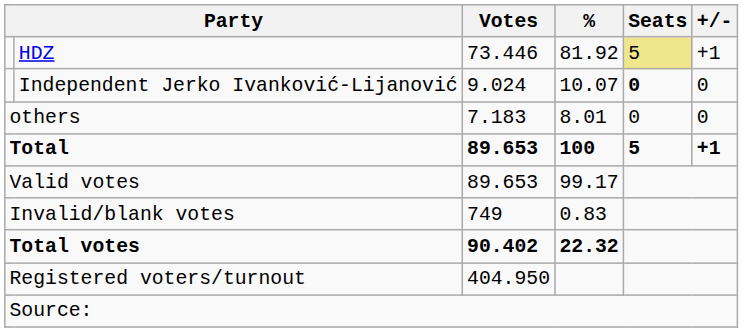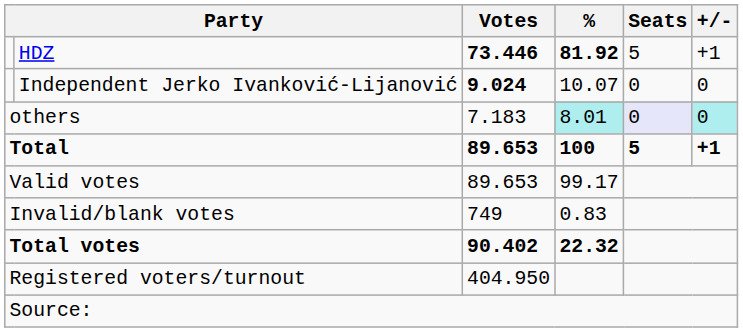 <table class="wikitable" style="text-align: left;">
 <tr>
 <th colspan="2">Party</th>
 <th>Votes</th>
 <th>%</th>
 <th>Seats</th>
 <th>+/-</th>
 </tr>
 <tr>
 <td style="background-color: "></td>
 <td><a href='#'>HDZ</a></td>
-<td>73.446</td>
-<td>81.92</td>
-<td style="background: khaki;">5</td>
+<td><strong>73.446</strong></td>
+<td><strong>81.92</strong></td>
+<td>5</td>
 <td>+1</td>
 </tr>
 <tr>
 <td style="background-color: "></td>
 <td>Independent Jerko Ivanković-Lijanović</td>
-<td>9.024</td>
+<td><strong>9.024</strong></td>
 <td>10.07</td>
-<td><strong>0</strong></td>
+<td>0</td>
 <td>0</td>
 </tr>
 <tr>
 <td colspan="2">others</td>
 <td>7.183</td>
-<td>8.01</td>
-<td>0</td>
-<td>0</td>
+<td style="background: paleturquoise;">8.01</td>
+<td style="background: lavender;">0</td>
+<td style="background: paleturquoise;">0</td>
 </tr>
 <tr>
 <td colspan="2"><strong>Total</strong></td>
 <td><strong>89.653</strong></td>
 <td><strong>100</strong></td>
 <td><strong>5</strong></td>
 <td><strong>+1</strong></td>
 </tr>
 <tr>
 <td colspan="2">Valid votes</td>
 <td>89.653</td>
 <td>99.17</td>
 <td colspan="2"></td>
 </tr>
 <tr>
 <td colspan="2">Invalid/blank votes</td>
 <td>749</td>
 <td>0.83</td>
 <td colspan="2"></td>
 </tr>
 <tr>
 <td colspan="2"><strong>Total votes</strong></td>
 <td><strong>90.402</strong></td>
 <td><strong>22.32</strong></td>
 <td colspan="2"></td>
 </tr>
 <tr>
 <td colspan="2">Registered voters/turnout</td>
 <td votes14="5343">404.950</td>
 <td></td>
 <td colspan="2"></td>
 </tr>
 <tr>
 <td colspan="6">Source: </td>
 </tr>
 </table>
